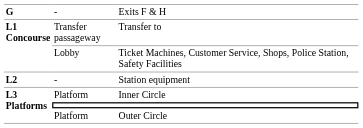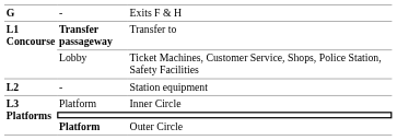 <table table border=0 cellspacing=0 cellpadding=3>
 <tr>
 <td style="border-top:solid 1px gray;" valign=top><strong>G</strong></td>
 <td style="border-top:solid 1px gray;" valign=top>-</td>
 <td style="border-top:solid 1px gray;" valign=top>Exits F & H</td>
 </tr>
 <tr>
 <td style="border-bottom:solid 1px gray; border-top:solid 1px gray;" valign=top width=50 rowspan=2><strong>L1<br>Concourse</strong></td>
-<td style="border-bottom:solid 1px gray; border-top:solid 1px gray;" valign=top width=100>Transfer passageway</td>
+<td style="border-bottom:solid 1px gray; border-top:solid 1px gray;" valign=top width=100><strong>Transfer passageway</strong></td>
 <td style="border-bottom:solid 1px gray; border-top:solid 1px gray;" valign=top width=390>Transfer to </td>
 </tr>
 <tr>
 <td style="border-bottom:solid 1px gray;" valign=top> Lobby</td>
 <td style="border-bottom:solid 1px gray;" valign=top>Ticket Machines, Customer Service, Shops, Police Station, Safety Facilities</td>
 </tr>
 <tr>
 <td style="border-bottom:solid 1px gray;" width=50 valign=top><strong>L2</strong></td>
 <td style="border-bottom:solid 1px gray;" width=100 valign=top>-</td>
 <td style="border-bottom:solid 1px gray;" width=390 valign=top>Station equipment</td>
 </tr>
 <tr>
 <td style="border-bottom:solid 1px gray;" rowspan=3 valign=top><strong>L3<br>Platforms</strong></td>
 <td>Platform </td>
 <td>  Inner Circle </td>
 </tr>
 <tr>
 <td style="border-right:solid 2px black;border-left:solid 2px black;border-top:solid 2px black;border-bottom:solid 2px black;text-align:center;" colspan=2></td>
 </tr>
 <tr>
-<td style="border-bottom:solid 1px gray;">Platform </td>
+<td style="border-bottom:solid 1px gray;"><strong>Platform </strong></td>
 <td style="border-bottom:solid 1px gray;"> Outer Circle  </td>
 </tr>
 </table>
